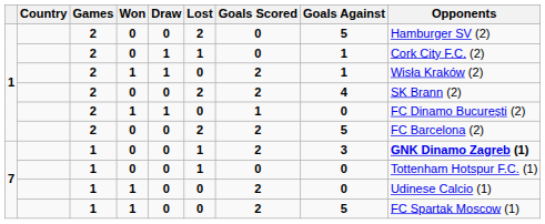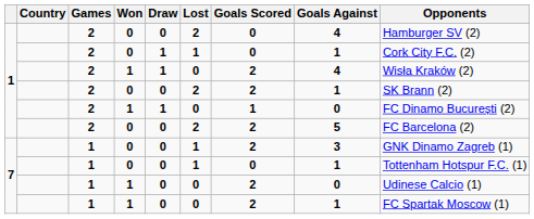 <table class="wikitable sortable" style="text-align: center">
 <tr>
 <th><strong> </strong></th>
 <th><strong>Country</strong></th>
 <th><strong>Games</strong></th>
 <th><strong>Won</strong></th>
 <th><strong>Draw</strong></th>
 <th><strong>Lost</strong></th>
 <th><strong>Goals Scored</strong></th>
 <th><strong>Goals Against</strong></th>
 <th><strong>Opponents</strong></th>
 </tr>
 <tr>
 <td rowspan=6><strong>1</strong></td>
 <td align=left><strong></strong></td>
 <td><strong>2</strong></td>
 <td><strong>0</strong></td>
 <td><strong>0</strong></td>
 <td><strong>2</strong></td>
 <td><strong>0</strong></td>
-<td><strong>5</strong></td>
+<td><strong>4</strong></td>
 <td align=left><a href='#'>Hamburger SV</a> (2)</td>
 </tr>
 <tr>
 <td align=left><strong></strong></td>
 <td><strong>2</strong></td>
 <td><strong>0</strong></td>
 <td><strong>1</strong></td>
 <td><strong>1</strong></td>
 <td><strong>0</strong></td>
 <td><strong>1</strong></td>
 <td align=left><a href='#'>Cork City F.C.</a> (2)</td>
 </tr>
 <tr>
 <td align=left><strong></strong></td>
 <td><strong>2</strong></td>
 <td><strong>1</strong></td>
 <td><strong>1</strong></td>
 <td><strong>0</strong></td>
 <td><strong>2</strong></td>
-<td><strong>1</strong></td>
+<td><strong>4</strong></td>
 <td align=left><a href='#'>Wisła Kraków</a> (2)</td>
 </tr>
 <tr>
 <td align=left><strong></strong></td>
 <td><strong>2</strong></td>
 <td><strong>0</strong></td>
 <td><strong>0</strong></td>
 <td><strong>2</strong></td>
 <td><strong>2</strong></td>
-<td><strong>4</strong></td>
+<td><strong>1</strong></td>
 <td align=left><a href='#'>SK Brann</a> (2)</td>
 </tr>
 <tr>
 <td align=left><strong></strong></td>
 <td><strong>2</strong></td>
 <td><strong>1</strong></td>
 <td><strong>1</strong></td>
 <td><strong>0</strong></td>
 <td><strong>1</strong></td>
 <td><strong>0</strong></td>
 <td align=left><a href='#'>FC Dinamo București</a> (2)</td>
 </tr>
 <tr>
 <td align=left><strong></strong></td>
 <td><strong>2</strong></td>
 <td><strong>0</strong></td>
 <td><strong>0</strong></td>
 <td><strong>2</strong></td>
 <td><strong>2</strong></td>
 <td><strong>5</strong></td>
 <td align=left><a href='#'>FC Barcelona</a> (2)</td>
 </tr>
 <tr>
 <td rowspan="4"><strong>7</strong></td>
 <td align=left><strong></strong></td>
 <td><strong>1</strong></td>
 <td><strong>0</strong></td>
 <td><strong>0</strong></td>
 <td><strong>1</strong></td>
 <td><strong>2</strong></td>
 <td><strong>3</strong></td>
-<td align=left><strong><a href='#'>GNK Dinamo Zagreb</a> (1)</strong></td>
+<td align=left><a href='#'>GNK Dinamo Zagreb</a> (1)</td>
 </tr>
 <tr>
 <td align=left><strong></strong></td>
 <td><strong>1</strong></td>
 <td><strong>0</strong></td>
 <td><strong>0</strong></td>
 <td><strong>1</strong></td>
 <td><strong>0</strong></td>
-<td><strong>0</strong></td>
+<td><strong>1</strong></td>
 <td align=left><a href='#'>Tottenham Hotspur F.C.</a> (1)</td>
 </tr>
 <tr>
 <td align=left><strong></strong></td>
 <td><strong>1</strong></td>
 <td><strong>1</strong></td>
 <td><strong>0</strong></td>
 <td><strong>0</strong></td>
 <td><strong>2</strong></td>
 <td><strong>0</strong></td>
 <td align=left><a href='#'>Udinese Calcio</a> (1)</td>
 </tr>
 <tr>
 <td align=left><strong></strong></td>
 <td><strong>1</strong></td>
 <td><strong>1</strong></td>
 <td><strong>0</strong></td>
 <td><strong>0</strong></td>
 <td><strong>2</strong></td>
-<td><strong>5</strong></td>
+<td><strong>1</strong></td>
 <td align=left><a href='#'>FC Spartak Moscow</a> (1)</td>
 </tr>
 </table>
